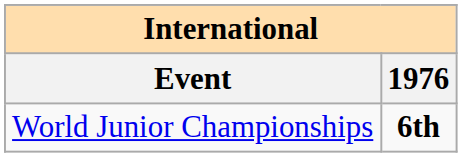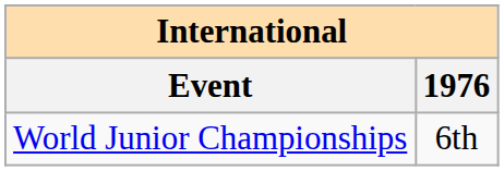 <table class="wikitable" style="text-align:center">
 <tr>
 <th style="background-color: #ffdead; " colspan=2 align=center>International</th>
 </tr>
 <tr>
 <th>Event</th>
 <th>1976</th>
 </tr>
 <tr>
 <td align=left><a href='#'>World Junior Championships</a></td>
-<td><strong>6th</strong></td>
+<td>6th</td>
 </tr>
 </table>
